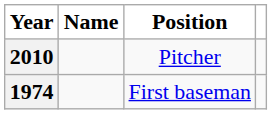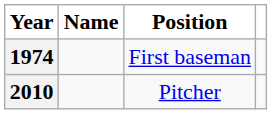 <table class="wikitable sortable plainrowheaders" style="text-align:center">
 <tr>
 <th scope="col" style="background-color:#ffffff; border-top:#">Year</th>
 <th scope="col" style="background-color:#ffffff; border-top:#">Name</th>
 <th scope="col" style="background-color:#ffffff; border-top:#">Position</th>
 <th scope="col" class="unsortable" style="background-color:#ffffff; border-top:#"></th>
 </tr>
 <tr>
+<th scope="row" style="text-align:center">1974</th>
+<td></td>
+<td><a href='#'>First baseman</a></td>
+<td></td>
+</tr>
+<tr>
 <th scope="row" style="text-align:center">2010</th>
 <td></td>
 <td><a href='#'>Pitcher</a></td>
 <td></td>
 </tr>
-<tr>
-<th scope="row" style="text-align:center">1974</th>
-<td></td>
-<td><a href='#'>First baseman</a></td>
-<td></td>
-</tr>
 </table>
